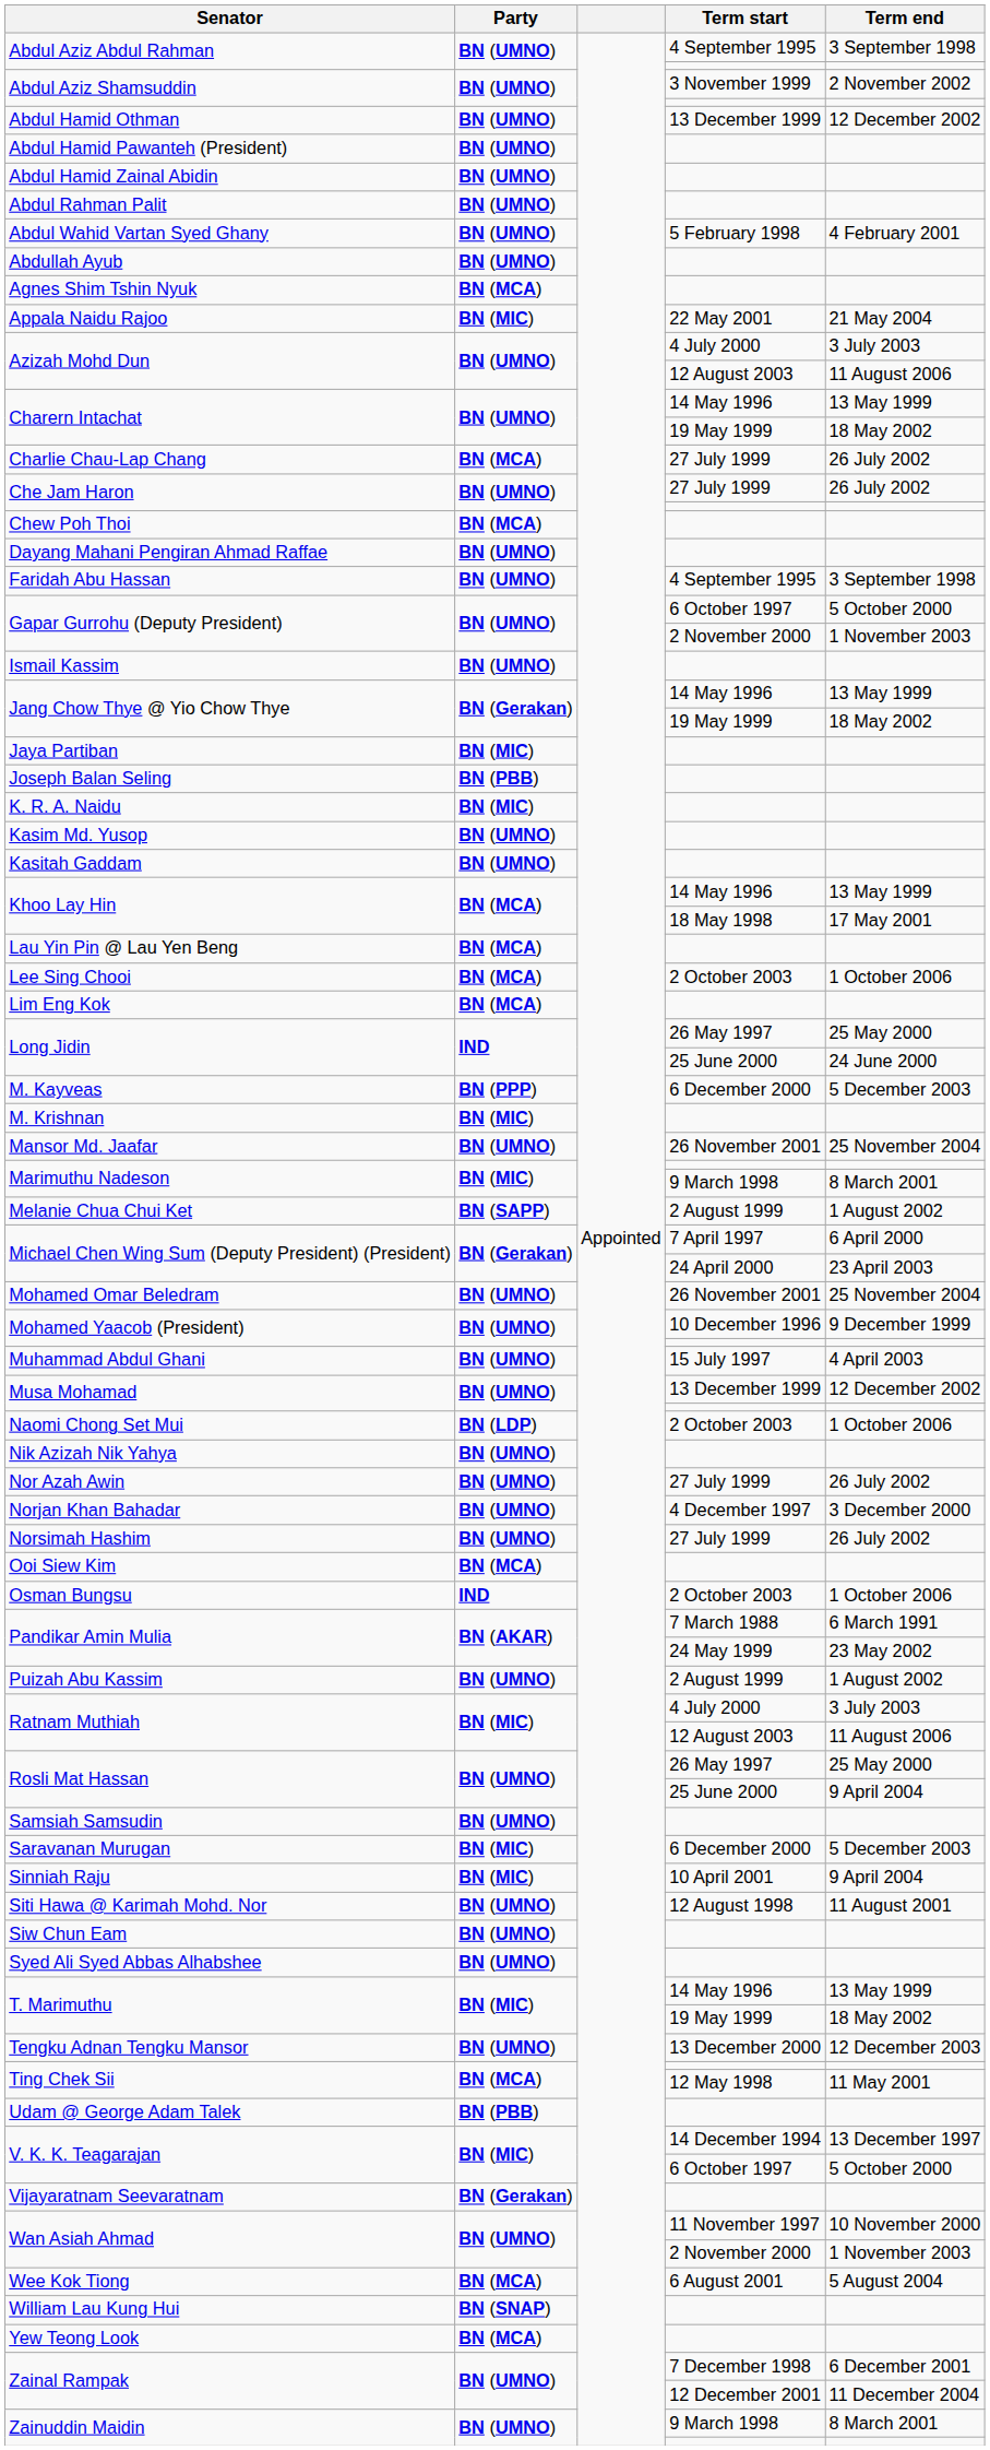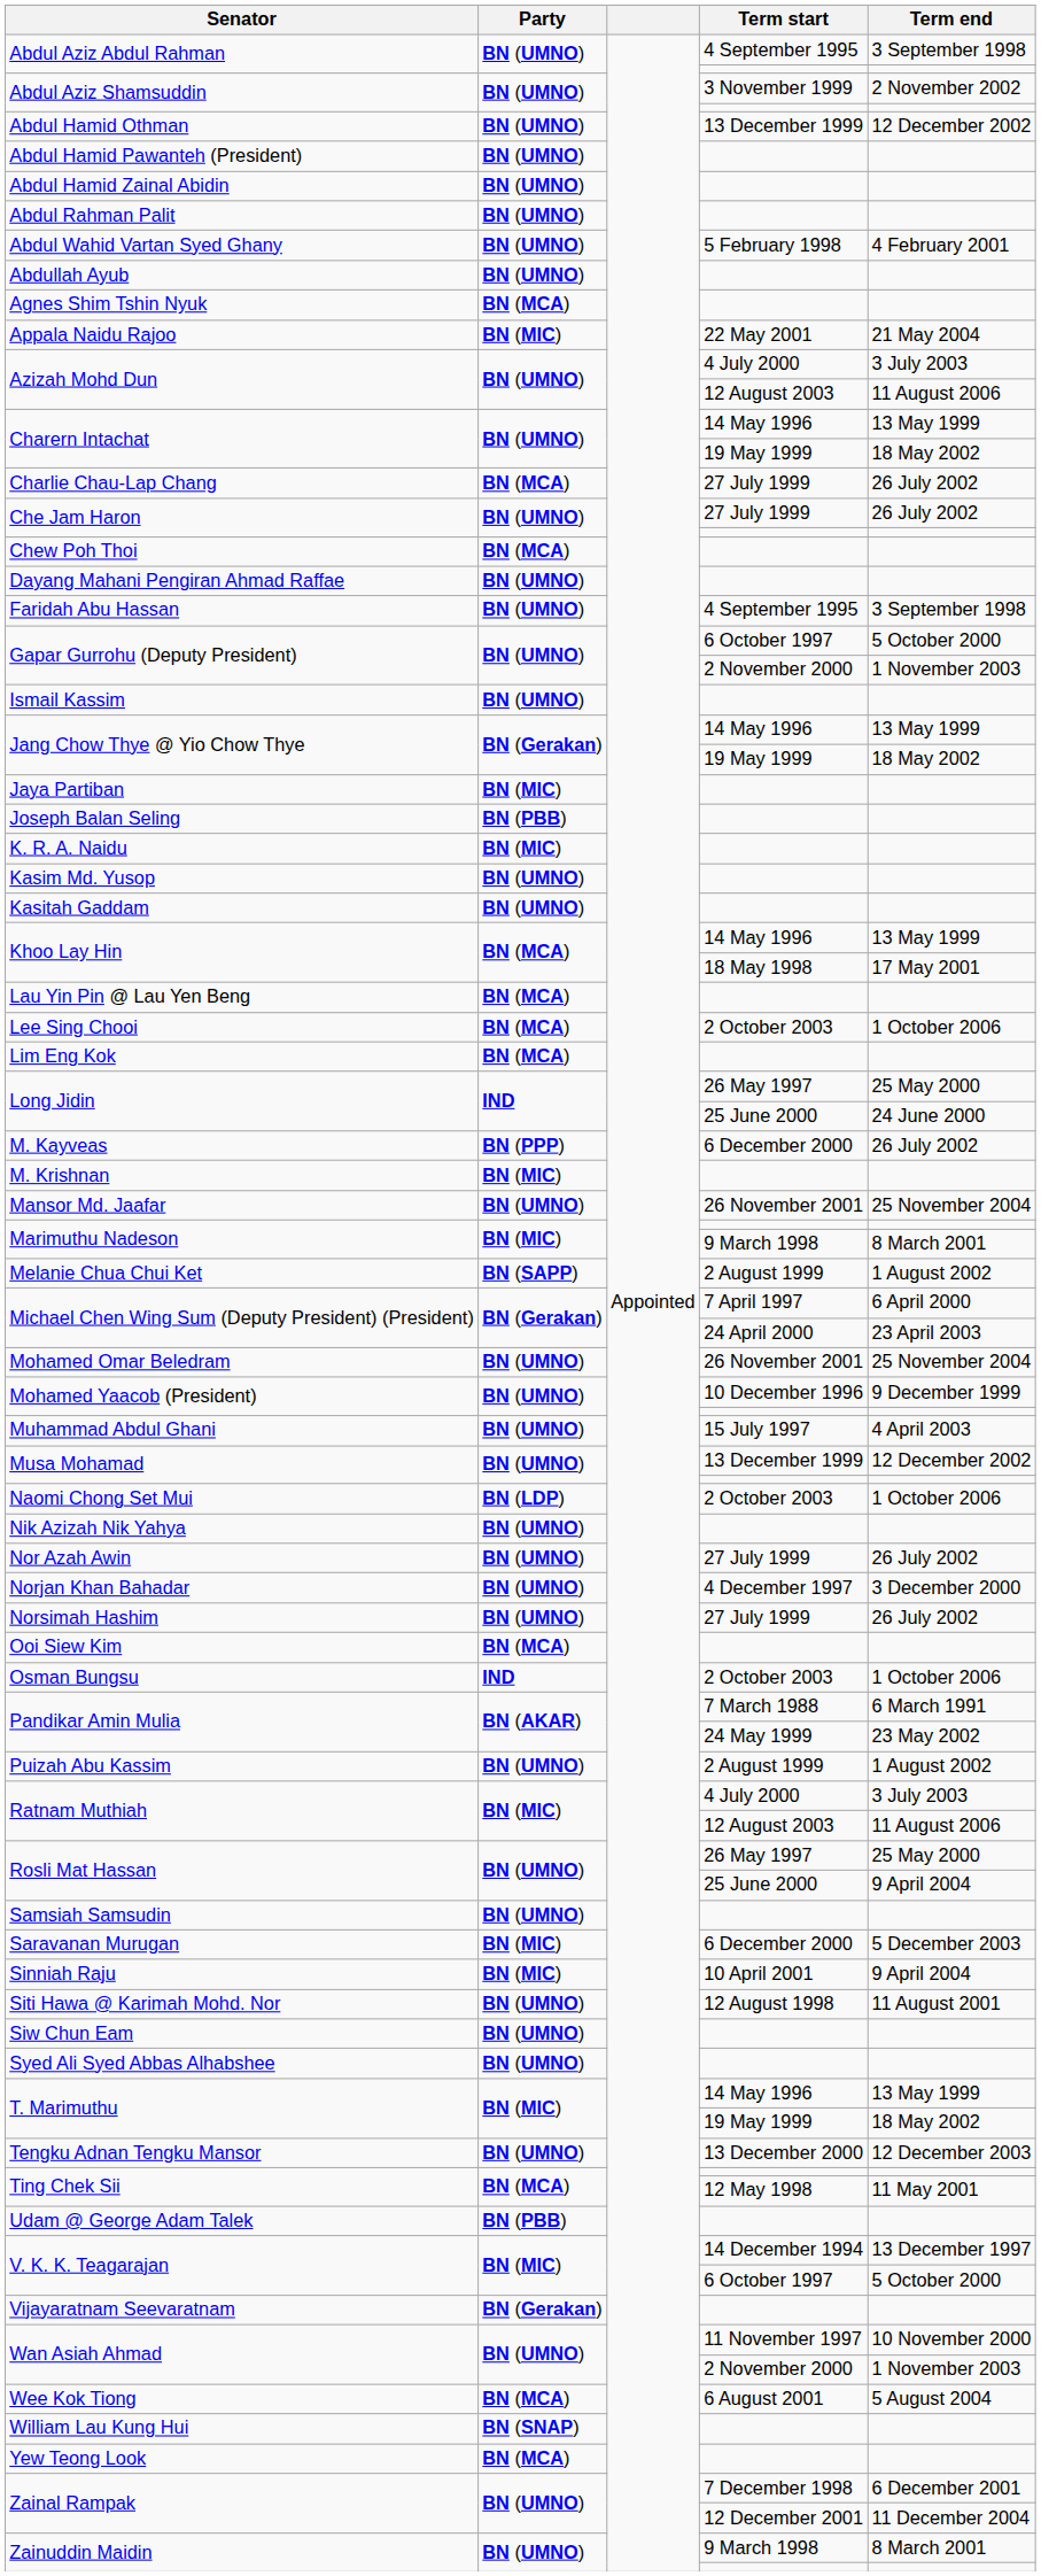 <table class="wikitable sortable">
 <tr>
 <th>Senator</th>
 <th>Party</th>
 <th></th>
 <th>Term start</th>
 <th>Term end</th>
 </tr>
 <tr>
 <td rowspan=2><a href='#'>Abdul Aziz Abdul Rahman</a></td>
 <td rowspan=2><strong><a href='#'>BN</a></strong> (<strong><a href='#'>UMNO</a></strong>)</td>
 <td rowspan=91>Appointed</td>
 <td>4 September 1995</td>
 <td>3 September 1998</td>
 </tr>
 <tr>
 <td></td>
 <td></td>
 </tr>
 <tr>
 <td rowspan=2><a href='#'>Abdul Aziz Shamsuddin</a></td>
 <td rowspan=2><strong><a href='#'>BN</a></strong> (<strong><a href='#'>UMNO</a></strong>)</td>
 <td>3 November 1999</td>
 <td>2 November 2002</td>
 </tr>
 <tr>
 <td></td>
 <td></td>
 </tr>
 <tr>
 <td><a href='#'>Abdul Hamid Othman</a></td>
 <td><strong><a href='#'>BN</a></strong> (<strong><a href='#'>UMNO</a></strong>)</td>
 <td>13 December 1999</td>
 <td>12 December 2002</td>
 </tr>
 <tr>
 <td><a href='#'>Abdul Hamid Pawanteh</a> (President)</td>
 <td><strong><a href='#'>BN</a></strong> (<strong><a href='#'>UMNO</a></strong>)</td>
 <td></td>
 <td></td>
 </tr>
 <tr>
 <td><a href='#'>Abdul Hamid Zainal Abidin</a></td>
 <td><strong><a href='#'>BN</a></strong> (<strong><a href='#'>UMNO</a></strong>)</td>
 <td></td>
 <td></td>
 </tr>
 <tr>
 <td><a href='#'>Abdul Rahman Palit</a></td>
 <td><strong><a href='#'>BN</a></strong> (<strong><a href='#'>UMNO</a></strong>)</td>
 <td></td>
 <td></td>
 </tr>
 <tr>
 <td><a href='#'>Abdul Wahid Vartan Syed Ghany</a></td>
 <td><strong><a href='#'>BN</a></strong> (<strong><a href='#'>UMNO</a></strong>)</td>
 <td>5 February 1998</td>
 <td>4 February 2001</td>
 </tr>
 <tr>
 <td><a href='#'>Abdullah Ayub</a></td>
 <td><strong><a href='#'>BN</a></strong> (<strong><a href='#'>UMNO</a></strong>)</td>
 <td></td>
 <td></td>
 </tr>
 <tr>
 <td><a href='#'>Agnes Shim Tshin Nyuk</a></td>
 <td><strong><a href='#'>BN</a></strong> (<strong><a href='#'>MCA</a></strong>)</td>
 <td></td>
 <td></td>
 </tr>
 <tr>
 <td><a href='#'>Appala Naidu Rajoo</a></td>
 <td><strong><a href='#'>BN</a></strong> (<strong><a href='#'>MIC</a></strong>)</td>
 <td>22 May 2001</td>
 <td>21 May 2004</td>
 </tr>
 <tr>
 <td rowspan=2><a href='#'>Azizah Mohd Dun</a></td>
 <td rowspan=2><strong><a href='#'>BN</a></strong> (<strong><a href='#'>UMNO</a></strong>)</td>
 <td>4 July 2000</td>
 <td>3 July 2003</td>
 </tr>
 <tr>
 <td>12 August 2003</td>
 <td>11 August 2006</td>
 </tr>
 <tr>
 <td rowspan=2><a href='#'>Charern Intachat</a></td>
 <td rowspan=2><strong><a href='#'>BN</a></strong> (<strong><a href='#'>UMNO</a></strong>)</td>
 <td>14 May 1996</td>
 <td>13 May 1999</td>
 </tr>
 <tr>
 <td>19 May 1999</td>
 <td>18 May 2002</td>
 </tr>
 <tr>
 <td><a href='#'>Charlie Chau-Lap Chang</a></td>
 <td><strong><a href='#'>BN</a></strong> (<strong><a href='#'>MCA</a></strong>)</td>
 <td>27 July 1999</td>
 <td>26 July 2002</td>
 </tr>
 <tr>
 <td rowspan=2><a href='#'>Che Jam Haron</a></td>
 <td rowspan=2><strong><a href='#'>BN</a></strong> (<strong><a href='#'>UMNO</a></strong>)</td>
 <td>27 July 1999</td>
 <td>26 July 2002</td>
 </tr>
 <tr>
 <td></td>
 <td></td>
 </tr>
 <tr>
 <td><a href='#'>Chew Poh Thoi</a></td>
 <td><strong><a href='#'>BN</a></strong> (<strong><a href='#'>MCA</a></strong>)</td>
 <td></td>
 <td></td>
 </tr>
 <tr>
 <td><a href='#'>Dayang Mahani Pengiran Ahmad Raffae</a></td>
 <td><strong><a href='#'>BN</a></strong> (<strong><a href='#'>UMNO</a></strong>)</td>
 <td></td>
 <td></td>
 </tr>
 <tr>
 <td><a href='#'>Faridah Abu Hassan</a></td>
 <td><strong><a href='#'>BN</a></strong> (<strong><a href='#'>UMNO</a></strong>)</td>
 <td>4 September 1995</td>
 <td>3 September 1998</td>
 </tr>
 <tr>
 <td rowspan=2><a href='#'>Gapar Gurrohu</a> (Deputy President)</td>
 <td rowspan=2><strong><a href='#'>BN</a></strong> (<strong><a href='#'>UMNO</a></strong>)</td>
 <td>6 October 1997</td>
 <td>5 October 2000</td>
 </tr>
 <tr>
 <td>2 November 2000</td>
 <td>1 November 2003</td>
 </tr>
 <tr>
 <td><a href='#'>Ismail Kassim</a></td>
 <td><strong><a href='#'>BN</a></strong> (<strong><a href='#'>UMNO</a></strong>)</td>
 <td></td>
 <td></td>
 </tr>
 <tr>
 <td rowspan=2><a href='#'>Jang Chow Thye</a> @ Yio Chow Thye</td>
 <td rowspan=2><strong><a href='#'>BN</a></strong> (<strong><a href='#'>Gerakan</a></strong>)</td>
 <td>14 May 1996</td>
 <td>13 May 1999</td>
 </tr>
 <tr>
 <td>19 May 1999</td>
 <td>18 May 2002</td>
 </tr>
 <tr>
 <td><a href='#'>Jaya Partiban</a></td>
 <td><strong><a href='#'>BN</a></strong> (<strong><a href='#'>MIC</a></strong>)</td>
 <td></td>
 <td></td>
 </tr>
 <tr>
 <td><a href='#'>Joseph Balan Seling</a></td>
 <td><strong><a href='#'>BN</a></strong> (<strong><a href='#'>PBB</a></strong>)</td>
 <td></td>
 <td></td>
 </tr>
 <tr>
 <td><a href='#'>K. R. A. Naidu</a></td>
 <td><strong><a href='#'>BN</a></strong> (<strong><a href='#'>MIC</a></strong>)</td>
 <td></td>
 <td></td>
 </tr>
 <tr>
 <td><a href='#'>Kasim Md. Yusop</a></td>
 <td><strong><a href='#'>BN</a></strong> (<strong><a href='#'>UMNO</a></strong>)</td>
 <td></td>
 <td></td>
 </tr>
 <tr>
 <td><a href='#'>Kasitah Gaddam</a></td>
 <td><strong><a href='#'>BN</a></strong> (<strong><a href='#'>UMNO</a></strong>)</td>
 <td></td>
 <td></td>
 </tr>
 <tr>
 <td rowspan=2><a href='#'>Khoo Lay Hin</a></td>
 <td rowspan=2><strong><a href='#'>BN</a></strong> (<strong><a href='#'>MCA</a></strong>)</td>
 <td>14 May 1996</td>
 <td>13 May 1999</td>
 </tr>
 <tr>
 <td>18 May 1998</td>
 <td>17 May 2001</td>
 </tr>
 <tr>
 <td><a href='#'>Lau Yin Pin</a> @ Lau Yen Beng</td>
 <td><strong><a href='#'>BN</a></strong> (<strong><a href='#'>MCA</a></strong>)</td>
 <td></td>
 <td></td>
 </tr>
 <tr>
 <td><a href='#'>Lee Sing Chooi</a></td>
 <td><strong><a href='#'>BN</a></strong> (<strong><a href='#'>MCA</a></strong>)</td>
 <td>2 October 2003</td>
 <td>1 October 2006</td>
 </tr>
 <tr>
 <td><a href='#'>Lim Eng Kok</a></td>
 <td><strong><a href='#'>BN</a></strong> (<strong><a href='#'>MCA</a></strong>)</td>
 <td></td>
 <td></td>
 </tr>
 <tr>
 <td rowspan=2><a href='#'>Long Jidin</a></td>
 <td rowspan=2><strong><a href='#'>IND</a></strong></td>
 <td>26 May 1997</td>
 <td>25 May 2000</td>
 </tr>
 <tr>
 <td>25 June 2000</td>
 <td>24 June 2000</td>
 </tr>
 <tr>
 <td><a href='#'>M. Kayveas</a></td>
 <td><strong><a href='#'>BN</a></strong> (<strong><a href='#'>PPP</a></strong>)</td>
 <td>6 December 2000</td>
-<td>5 December 2003</td>
+<td>26 July 2002</td>
 </tr>
 <tr>
 <td><a href='#'>M. Krishnan</a></td>
 <td><strong><a href='#'>BN</a></strong> (<strong><a href='#'>MIC</a></strong>)</td>
 <td></td>
 <td></td>
 </tr>
 <tr>
 <td><a href='#'>Mansor Md. Jaafar</a></td>
 <td><strong><a href='#'>BN</a></strong> (<strong><a href='#'>UMNO</a></strong>)</td>
 <td>26 November 2001</td>
 <td>25 November 2004</td>
 </tr>
 <tr>
 <td rowspan=2><a href='#'>Marimuthu Nadeson</a></td>
 <td rowspan=2><strong><a href='#'>BN</a></strong> (<strong><a href='#'>MIC</a></strong>)</td>
 <td></td>
 <td></td>
 </tr>
 <tr>
 <td>9 March 1998</td>
 <td>8 March 2001</td>
 </tr>
 <tr>
 <td><a href='#'>Melanie Chua Chui Ket</a></td>
 <td><strong><a href='#'>BN</a></strong> (<strong><a href='#'>SAPP</a></strong>)</td>
 <td>2 August 1999</td>
 <td>1 August 2002</td>
 </tr>
 <tr>
 <td rowspan=2><a href='#'>Michael Chen Wing Sum</a> (Deputy President) (President)</td>
 <td rowspan=2><strong><a href='#'>BN</a></strong> (<strong><a href='#'>Gerakan</a></strong>)</td>
 <td>7 April 1997</td>
 <td>6 April 2000</td>
 </tr>
 <tr>
 <td>24 April 2000</td>
 <td>23 April 2003</td>
 </tr>
 <tr>
 <td><a href='#'>Mohamed Omar Beledram</a></td>
 <td><strong><a href='#'>BN</a></strong> (<strong><a href='#'>UMNO</a></strong>)</td>
 <td>26 November 2001</td>
 <td>25 November 2004</td>
 </tr>
 <tr>
 <td rowspan=2><a href='#'>Mohamed Yaacob</a> (President)</td>
 <td rowspan=2><strong><a href='#'>BN</a></strong> (<strong><a href='#'>UMNO</a></strong>)</td>
 <td>10 December 1996</td>
 <td>9 December 1999</td>
 </tr>
 <tr>
 <td></td>
 <td></td>
 </tr>
 <tr>
 <td><a href='#'>Muhammad Abdul Ghani</a></td>
 <td><strong><a href='#'>BN</a></strong> (<strong><a href='#'>UMNO</a></strong>)</td>
 <td>15 July 1997</td>
 <td>4 April 2003</td>
 </tr>
 <tr>
 <td rowspan=2><a href='#'>Musa Mohamad</a></td>
 <td rowspan=2><strong><a href='#'>BN</a></strong> (<strong><a href='#'>UMNO</a></strong>)</td>
 <td>13 December 1999</td>
 <td>12 December 2002</td>
 </tr>
 <tr>
 <td></td>
 <td></td>
 </tr>
 <tr>
 <td><a href='#'>Naomi Chong Set Mui</a></td>
 <td><strong><a href='#'>BN</a></strong> (<strong><a href='#'>LDP</a></strong>)</td>
 <td>2 October 2003</td>
 <td>1 October 2006</td>
 </tr>
 <tr>
 <td><a href='#'>Nik Azizah Nik Yahya</a></td>
 <td><strong><a href='#'>BN</a></strong> (<strong><a href='#'>UMNO</a></strong>)</td>
 <td></td>
 <td></td>
 </tr>
 <tr>
 <td><a href='#'>Nor Azah Awin</a></td>
 <td><strong><a href='#'>BN</a></strong> (<strong><a href='#'>UMNO</a></strong>)</td>
 <td>27 July 1999</td>
 <td>26 July 2002</td>
 </tr>
 <tr>
 <td><a href='#'>Norjan Khan Bahadar</a></td>
 <td><strong><a href='#'>BN</a></strong> (<strong><a href='#'>UMNO</a></strong>)</td>
 <td>4 December 1997</td>
 <td>3 December 2000</td>
 </tr>
 <tr>
 <td><a href='#'>Norsimah Hashim</a></td>
 <td><strong><a href='#'>BN</a></strong> (<strong><a href='#'>UMNO</a></strong>)</td>
 <td>27 July 1999</td>
 <td>26 July 2002</td>
 </tr>
 <tr>
 <td><a href='#'>Ooi Siew Kim</a></td>
 <td><strong><a href='#'>BN</a></strong> (<strong><a href='#'>MCA</a></strong>)</td>
 <td></td>
 <td></td>
 </tr>
 <tr>
 <td><a href='#'>Osman Bungsu</a></td>
 <td><strong><a href='#'>IND</a></strong></td>
 <td>2 October 2003</td>
 <td>1 October 2006</td>
 </tr>
 <tr>
 <td rowspan=2><a href='#'>Pandikar Amin Mulia</a></td>
 <td rowspan=2><strong><a href='#'>BN</a></strong> (<strong><a href='#'>AKAR</a></strong>)</td>
 <td>7 March 1988</td>
 <td>6 March 1991</td>
 </tr>
 <tr>
 <td>24 May 1999</td>
 <td>23 May 2002</td>
 </tr>
 <tr>
 <td><a href='#'>Puizah Abu Kassim</a></td>
 <td><strong><a href='#'>BN</a></strong> (<strong><a href='#'>UMNO</a></strong>)</td>
 <td>2 August 1999</td>
 <td>1 August 2002</td>
 </tr>
 <tr>
 <td rowspan=2><a href='#'>Ratnam Muthiah</a></td>
 <td rowspan=2><strong><a href='#'>BN</a></strong> (<strong><a href='#'>MIC</a></strong>)</td>
 <td>4 July 2000</td>
 <td>3 July 2003</td>
 </tr>
 <tr>
 <td>12 August 2003</td>
 <td>11 August 2006</td>
 </tr>
 <tr>
 <td rowspan=2><a href='#'>Rosli Mat Hassan</a></td>
 <td rowspan=2><strong><a href='#'>BN</a></strong> (<strong><a href='#'>UMNO</a></strong>)</td>
 <td>26 May 1997</td>
 <td>25 May 2000</td>
 </tr>
 <tr>
 <td>25 June 2000</td>
 <td>9 April 2004</td>
 </tr>
 <tr>
 <td><a href='#'>Samsiah Samsudin</a></td>
 <td><strong><a href='#'>BN</a></strong> (<strong><a href='#'>UMNO</a></strong>)</td>
 <td></td>
 <td></td>
 </tr>
 <tr>
 <td><a href='#'>Saravanan Murugan</a></td>
 <td><strong><a href='#'>BN</a></strong> (<strong><a href='#'>MIC</a></strong>)</td>
 <td>6 December 2000</td>
 <td>5 December 2003</td>
 </tr>
 <tr>
 <td><a href='#'>Sinniah Raju</a></td>
 <td><strong><a href='#'>BN</a></strong> (<strong><a href='#'>MIC</a></strong>)</td>
 <td>10 April 2001</td>
 <td>9 April 2004</td>
 </tr>
 <tr>
 <td><a href='#'>Siti Hawa @ Karimah Mohd. Nor</a></td>
 <td><strong><a href='#'>BN</a></strong> (<strong><a href='#'>UMNO</a></strong>)</td>
 <td>12 August 1998</td>
 <td>11 August 2001</td>
 </tr>
 <tr>
 <td><a href='#'>Siw Chun Eam</a></td>
 <td><strong><a href='#'>BN</a></strong> (<strong><a href='#'>UMNO</a></strong>)</td>
 <td></td>
 <td></td>
 </tr>
 <tr>
 <td><a href='#'>Syed Ali Syed Abbas Alhabshee</a></td>
 <td><strong><a href='#'>BN</a></strong> (<strong><a href='#'>UMNO</a></strong>)</td>
 <td></td>
 <td></td>
 </tr>
 <tr>
 <td rowspan=2><a href='#'>T. Marimuthu</a></td>
 <td rowspan=2><strong><a href='#'>BN</a></strong> (<strong><a href='#'>MIC</a></strong>)</td>
 <td>14 May 1996</td>
 <td>13 May 1999</td>
 </tr>
 <tr>
 <td>19 May 1999</td>
 <td>18 May 2002</td>
 </tr>
 <tr>
 <td><a href='#'>Tengku Adnan Tengku Mansor</a></td>
 <td><strong><a href='#'>BN</a></strong> (<strong><a href='#'>UMNO</a></strong>)</td>
 <td>13 December 2000</td>
 <td>12 December 2003</td>
 </tr>
 <tr>
 <td rowspan=2><a href='#'>Ting Chek Sii</a></td>
 <td rowspan=2><strong><a href='#'>BN</a></strong> (<strong><a href='#'>MCA</a></strong>)</td>
 <td></td>
 <td></td>
 </tr>
 <tr>
 <td>12 May 1998</td>
 <td>11 May 2001</td>
 </tr>
 <tr>
 <td><a href='#'>Udam @ George Adam Talek</a></td>
 <td><strong><a href='#'>BN</a></strong> (<strong><a href='#'>PBB</a></strong>)</td>
 <td></td>
 <td></td>
 </tr>
 <tr>
 <td rowspan=2><a href='#'>V. K. K. Teagarajan</a></td>
 <td rowspan=2><strong><a href='#'>BN</a></strong> (<strong><a href='#'>MIC</a></strong>)</td>
 <td>14 December 1994</td>
 <td>13 December 1997</td>
 </tr>
 <tr>
 <td>6 October 1997</td>
 <td>5 October 2000</td>
 </tr>
 <tr>
 <td><a href='#'>Vijayaratnam Seevaratnam</a></td>
 <td><strong><a href='#'>BN</a></strong> (<strong><a href='#'>Gerakan</a></strong>)</td>
 <td></td>
 <td></td>
 </tr>
 <tr>
 <td rowspan=2><a href='#'>Wan Asiah Ahmad</a></td>
 <td rowspan=2><strong><a href='#'>BN</a></strong> (<strong><a href='#'>UMNO</a></strong>)</td>
 <td>11 November 1997</td>
 <td>10 November 2000</td>
 </tr>
 <tr>
 <td>2 November 2000</td>
 <td>1 November 2003</td>
 </tr>
 <tr>
 <td><a href='#'>Wee Kok Tiong</a></td>
 <td><strong><a href='#'>BN</a></strong> (<strong><a href='#'>MCA</a></strong>)</td>
 <td>6 August 2001</td>
 <td>5 August 2004</td>
 </tr>
 <tr>
 <td><a href='#'>William Lau Kung Hui</a></td>
 <td><strong><a href='#'>BN</a></strong> (<strong><a href='#'>SNAP</a></strong>)</td>
 <td></td>
 <td></td>
 </tr>
 <tr>
 <td><a href='#'>Yew Teong Look</a></td>
 <td><strong><a href='#'>BN</a></strong> (<strong><a href='#'>MCA</a></strong>)</td>
 <td></td>
 <td></td>
 </tr>
 <tr>
 <td rowspan=2><a href='#'>Zainal Rampak</a></td>
 <td rowspan=2><strong><a href='#'>BN</a></strong> (<strong><a href='#'>UMNO</a></strong>)</td>
 <td>7 December 1998</td>
 <td>6 December 2001</td>
 </tr>
 <tr>
 <td>12 December 2001</td>
 <td>11 December 2004</td>
 </tr>
 <tr>
 <td rowspan=2><a href='#'>Zainuddin Maidin</a></td>
 <td rowspan=2><strong><a href='#'>BN</a></strong> (<strong><a href='#'>UMNO</a></strong>)</td>
 <td>9 March 1998</td>
 <td>8 March 2001</td>
 </tr>
 <tr>
 <td></td>
 <td></td>
 </tr>
 </table>
